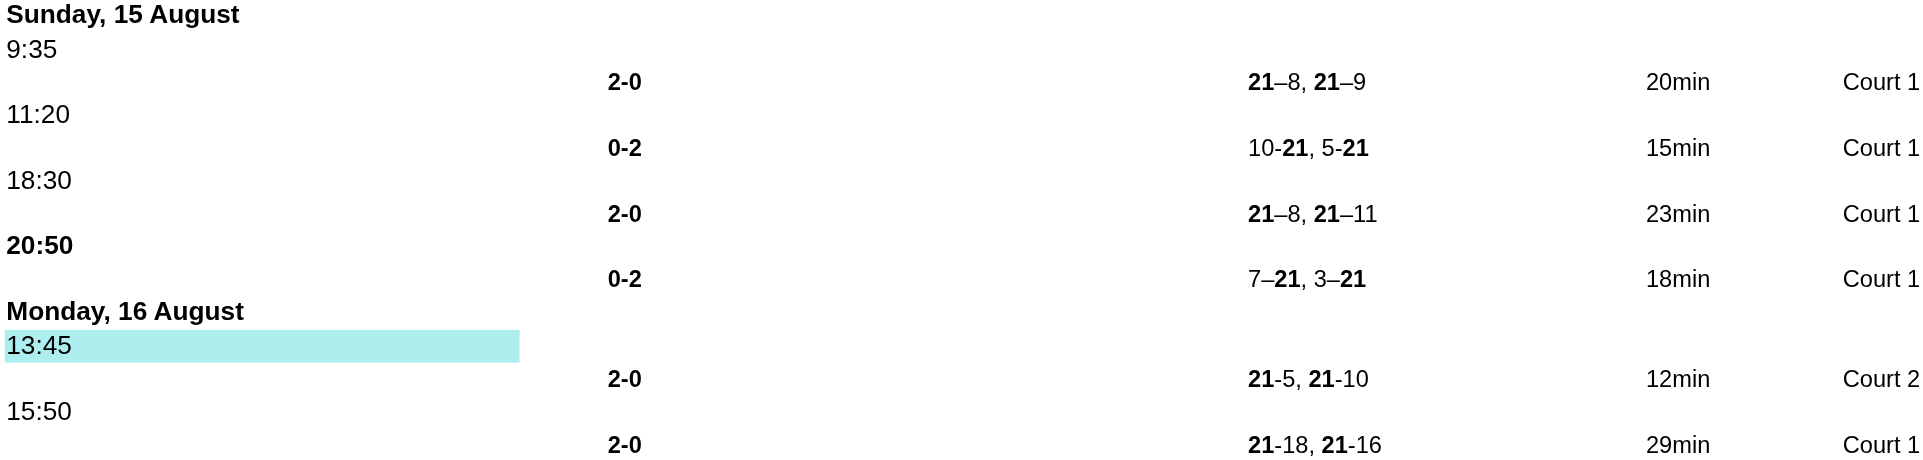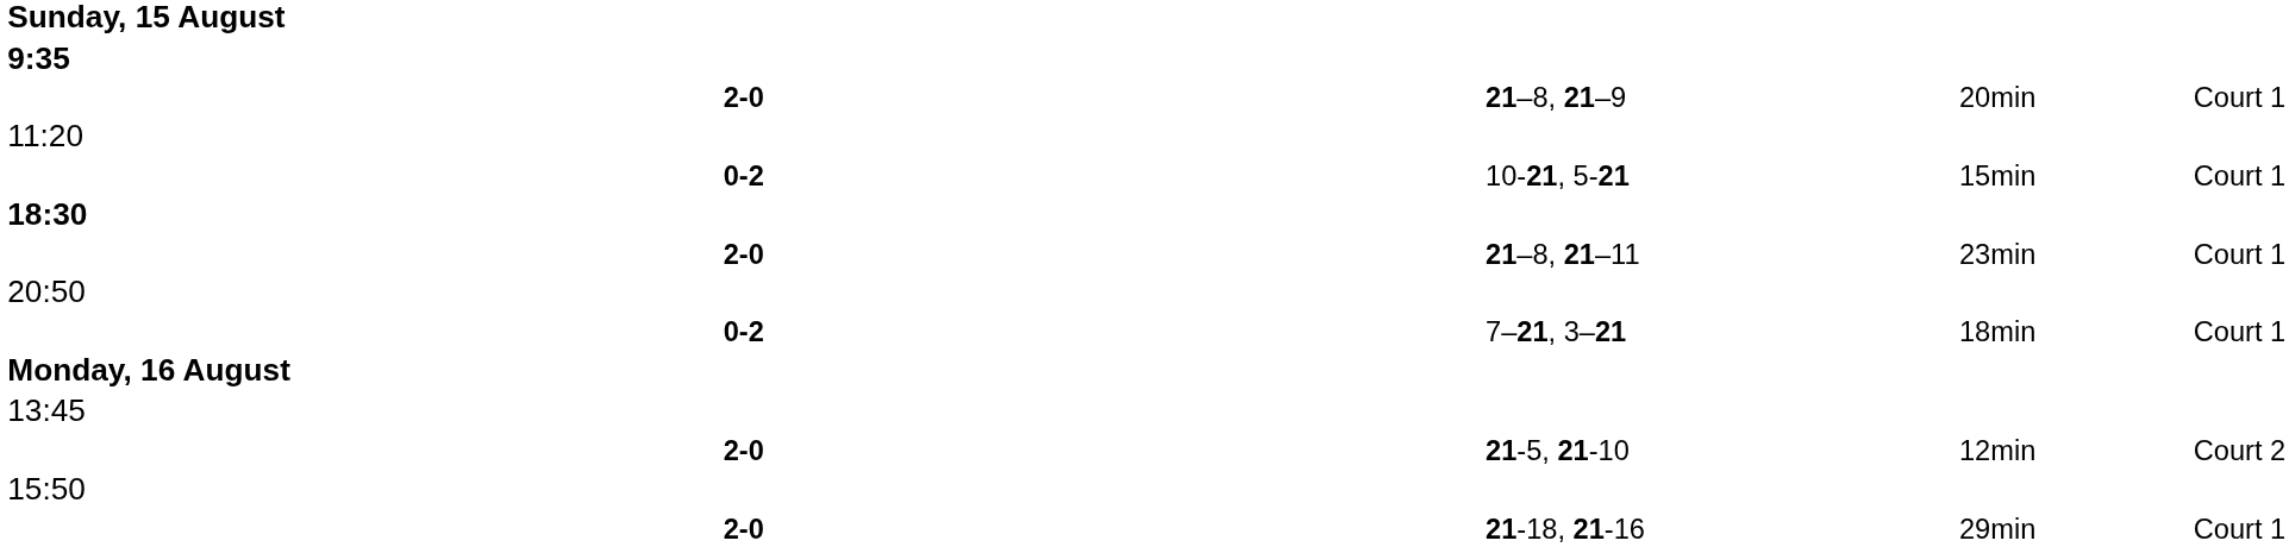 <table style="width:100%;" cellspacing="1">
 <tr>
 <th width=25%></th>
 <th width=10%></th>
 <th width=25%></th>
 </tr>
 <tr>
 <td><strong>Sunday, 15 August</strong></td>
 </tr>
 <tr>
-<td>9:35</td>
+<td><strong>9:35</strong></td>
 </tr>
 <tr style=font-size:90%>
 <td align=right><strong></strong></td>
 <td align=center><strong> 2-0 </strong></td>
 <td></td>
 <td><strong>21</strong>–8, <strong>21</strong>–9</td>
 <td>20min</td>
 <td>Court 1</td>
 </tr>
 <tr>
 <td>11:20</td>
 </tr>
 <tr style=font-size:90%>
 <td align=right></td>
 <td align=center><strong> 0-2 </strong></td>
 <td><strong></strong></td>
 <td>10-<strong>21</strong>, 5-<strong>21</strong></td>
 <td>15min</td>
 <td>Court 1</td>
 </tr>
 <tr>
-<td>18:30</td>
+<td><strong>18:30</strong></td>
 </tr>
 <tr style=font-size:90%>
 <td align=right><strong></strong></td>
 <td align=center><strong> 2-0 </strong></td>
 <td></td>
 <td><strong>21</strong>–8, <strong>21</strong>–11</td>
 <td>23min</td>
 <td>Court 1</td>
 </tr>
 <tr>
-<td><strong>20:50</strong></td>
+<td>20:50</td>
 </tr>
 <tr style=font-size:90%>
 <td align=right></td>
 <td align=center><strong> 0-2 </strong></td>
 <td><strong></strong></td>
 <td>7–<strong>21</strong>, 3–<strong>21</strong></td>
 <td>18min</td>
 <td>Court 1</td>
 </tr>
 <tr>
 <td><strong>Monday, 16 August</strong></td>
 </tr>
 <tr>
-<td style="background: paleturquoise;">13:45</td>
+<td>13:45</td>
 </tr>
 <tr style=font-size:90%>
 <td align=right><strong></strong></td>
 <td align=center><strong> 2-0 </strong></td>
 <td></td>
 <td><strong>21</strong>-5, <strong>21</strong>-10</td>
 <td>12min</td>
 <td>Court 2</td>
 </tr>
 <tr>
 <td>15:50</td>
 </tr>
 <tr style=font-size:90%>
 <td align=right><strong></strong></td>
 <td align=center><strong> 2-0 </strong></td>
 <td></td>
 <td><strong>21</strong>-18, <strong>21</strong>-16</td>
 <td>29min</td>
 <td>Court 1</td>
 </tr>
 </table>
